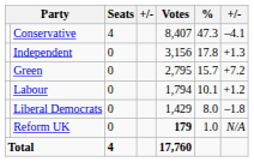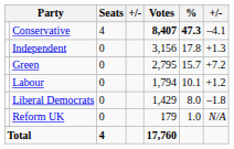 <table class="wikitable sortable">
 <tr>
 <th colspan="2">Party</th>
 <th>Seats</th>
 <th>+/-</th>
 <th>Votes</th>
 <th>%</th>
 <th>+/-</th>
 </tr>
 <tr>
 <td style="background-color: "></td>
 <td><a href='#'>Conservative</a></td>
 <td>4</td>
 <td></td>
-<td style="text-align:right;">8,407</td>
-<td style="text-align:right;">47.3</td>
+<td style="text-align:right;"><strong>8,407</strong></td>
+<td style="text-align:right;"><strong>47.3</strong></td>
 <td style="text-align:right;">–4.1</td>
 </tr>
 <tr>
 <td style="background-color: "></td>
 <td><a href='#'>Independent</a></td>
 <td>0</td>
 <td></td>
 <td style="text-align:right;">3,156</td>
 <td style="text-align:right;">17.8</td>
 <td style="text-align:right;">+1.3</td>
 </tr>
 <tr>
 <td style="background-color: "></td>
 <td><a href='#'>Green</a></td>
 <td>0</td>
 <td></td>
 <td style="text-align:right;">2,795</td>
 <td style="text-align:right;">15.7</td>
 <td style="text-align:right;">+7.2</td>
 </tr>
 <tr>
 <td style="background-color: "></td>
 <td><a href='#'>Labour</a></td>
 <td>0</td>
 <td></td>
 <td style="text-align:right;">1,794</td>
 <td style="text-align:right;">10.1</td>
 <td style="text-align:right;">+1.2</td>
 </tr>
 <tr>
 <td style="background-color: "></td>
 <td><a href='#'>Liberal Democrats</a></td>
 <td>0</td>
 <td></td>
 <td style="text-align:right;">1,429</td>
 <td style="text-align:right;">8.0</td>
 <td style="text-align:right;">–1.8</td>
 </tr>
 <tr>
 <td style="background-color: "></td>
 <td><a href='#'>Reform UK</a></td>
 <td>0</td>
 <td></td>
-<td style="text-align:right;"><strong>179</strong></td>
+<td style="text-align:right;">179</td>
 <td style="text-align:right;">1.0</td>
 <td style="text-align:right;"><em>N/A</em></td>
 </tr>
 <tr>
 <td colspan="2"><strong>Total</strong></td>
 <td><strong>4</strong></td>
 <td></td>
 <td style="text-align:right;"><strong>17,760</strong></td>
 <td style="text-align:right;"></td>
 <td style="text-align:right;"></td>
 </tr>
 </table>
